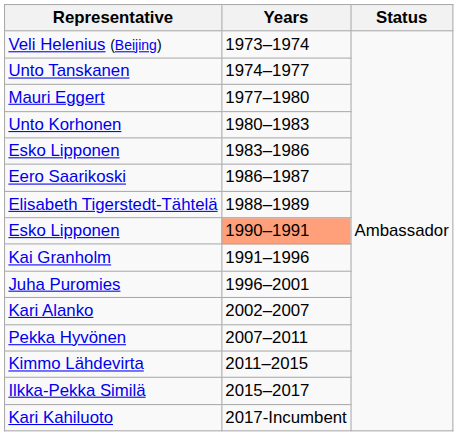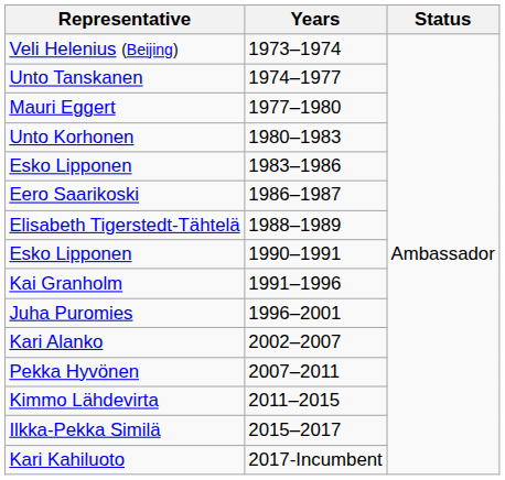 <table class="wikitable sortable">
 <tr>
 <th>Representative</th>
 <th>Years</th>
 <th>Status</th>
 </tr>
 <tr>
 <td><a href='#'>Veli Helenius</a> <small>(<a href='#'>Beijing</a>)</small></td>
 <td>1973–1974</td>
 <td rowspan="15">Ambassador</td>
 </tr>
 <tr>
 <td><a href='#'>Unto Tanskanen</a></td>
 <td>1974–1977</td>
 </tr>
 <tr>
 <td><a href='#'>Mauri Eggert</a></td>
 <td>1977–1980</td>
 </tr>
 <tr>
 <td><a href='#'>Unto Korhonen</a></td>
 <td>1980–1983</td>
 </tr>
 <tr>
 <td><a href='#'>Esko Lipponen</a></td>
 <td>1983–1986</td>
 </tr>
 <tr>
 <td><a href='#'>Eero Saarikoski</a></td>
 <td>1986–1987</td>
 </tr>
 <tr>
 <td><a href='#'>Elisabeth Tigerstedt-Tähtelä</a></td>
 <td>1988–1989</td>
 </tr>
 <tr>
 <td><a href='#'>Esko Lipponen</a></td>
-<td style="background: lightsalmon;">1990–1991</td>
+<td>1990–1991</td>
 </tr>
 <tr>
 <td><a href='#'>Kai Granholm</a></td>
 <td>1991–1996</td>
 </tr>
 <tr>
 <td><a href='#'>Juha Puromies</a></td>
 <td>1996–2001</td>
 </tr>
 <tr>
 <td><a href='#'>Kari Alanko</a></td>
 <td>2002–2007</td>
 </tr>
 <tr>
 <td><a href='#'>Pekka Hyvönen</a></td>
 <td>2007–2011</td>
 </tr>
 <tr>
 <td><a href='#'>Kimmo Lähdevirta</a></td>
 <td>2011–2015</td>
 </tr>
 <tr>
 <td><a href='#'>Ilkka-Pekka Similä</a></td>
 <td>2015–2017</td>
 </tr>
 <tr>
 <td><a href='#'>Kari Kahiluoto</a></td>
 <td>2017-Incumbent</td>
 </tr>
 </table>
